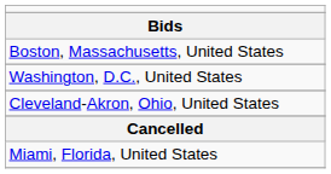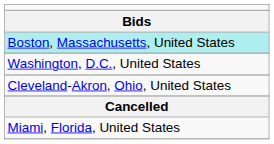 <table class="wikitable" border="1" width=25% align=center>
 <tr>
 <td></td>
 </tr>
 <tr>
 </tr>
 <tr>
 <th>Bids</th>
 </tr>
 <tr>
-<td> <a href='#'>Boston</a>, <a href='#'>Massachusetts</a>, United States</td>
+<td style="background: paleturquoise;"> <a href='#'>Boston</a>, <a href='#'>Massachusetts</a>, United States</td>
 </tr>
 <tr bgcolor="#EFEFEF">
 </tr>
 <tr>
 <td> <a href='#'>Washington</a>, <a href='#'>D.C.</a>, United States</td>
 </tr>
 <tr bgcolor="#EFEFEF">
 </tr>
 <tr>
 <td> <a href='#'>Cleveland</a>-<a href='#'>Akron</a>, <a href='#'>Ohio</a>, United States</td>
 </tr>
 <tr bgcolor="#EFEFEF">
 </tr>
 <tr>
 <th>Cancelled</th>
 </tr>
 <tr>
 <td> <a href='#'>Miami</a>, <a href='#'>Florida</a>, United States</td>
 </tr>
 <tr bgcolor="#EFEFEF">
 </tr>
 <tr>
 </tr>
 </table>
